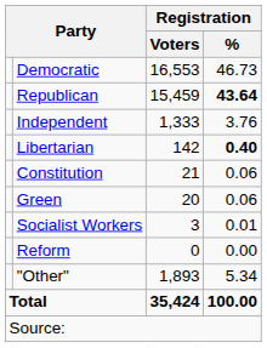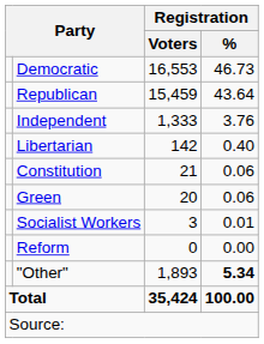 <table class="wikitable">
 <tr>
 <th colspan="2" rowspan="2">Party</th>
 <th colspan="2">Registration</th>
 </tr>
 <tr>
 <th>Voters</th>
 <th>%</th>
 </tr>
 <tr>
 <td style="background-color:"></td>
 <td><a href='#'>Democratic</a></td>
 <td style="text-align:right;">16,553</td>
 <td style="text-align:right;">46.73</td>
 </tr>
 <tr>
 <td style="background-color:"></td>
 <td><a href='#'>Republican</a></td>
 <td style="text-align:right;">15,459</td>
-<td style="text-align:right;"><strong>43.64</strong></td>
+<td style="text-align:right;">43.64</td>
 </tr>
 <tr>
 <td style="background-color:"></td>
 <td><a href='#'>Independent</a></td>
 <td style="text-align:right;">1,333</td>
 <td style="text-align:right;">3.76</td>
 </tr>
 <tr>
 <td style="background-color:"></td>
 <td><a href='#'>Libertarian</a></td>
 <td style="text-align:right;">142</td>
-<td style="text-align:right;"><strong>0.40</strong></td>
+<td style="text-align:right;">0.40</td>
 </tr>
 <tr>
 <td style="background-color:"></td>
 <td><a href='#'>Constitution</a></td>
 <td style="text-align:right;">21</td>
 <td style="text-align:right;">0.06</td>
 </tr>
 <tr>
 <td style="background-color:"></td>
 <td><a href='#'>Green</a></td>
 <td style="text-align:right;">20</td>
 <td style="text-align:right;">0.06</td>
 </tr>
 <tr>
 <td style="background-color:"></td>
 <td><a href='#'>Socialist Workers</a></td>
 <td style="text-align:right;">3</td>
 <td style="text-align:right;">0.01</td>
 </tr>
 <tr>
 <td style="background-color:"></td>
 <td><a href='#'>Reform</a></td>
 <td style="text-align:right;">0</td>
 <td style="text-align:right;">0.00</td>
 </tr>
 <tr>
 <td></td>
 <td>"Other"</td>
 <td style="text-align:right;">1,893</td>
-<td style="text-align:right;">5.34</td>
+<td style="text-align:right;"><strong>5.34</strong></td>
 </tr>
 <tr>
 <td colspan="2"><strong>Total</strong></td>
 <td style="text-align:right;"><strong>35,424</strong></td>
 <td style="text-align:right;"><strong>100.00</strong></td>
 </tr>
 <tr>
 <td colspan="4">Source: <em></em></td>
 </tr>
 </table>
